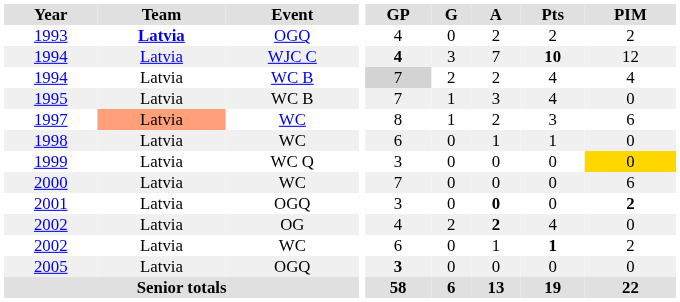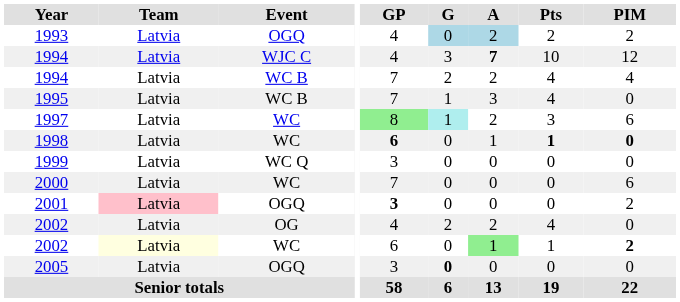 <table border="0" cellpadding="1" cellspacing="0" ID="Table3" style="text-align:center; width:40em">
 <tr ALIGN="center" bgcolor="#e0e0e0">
 <th>Year</th>
 <th>Team</th>
 <th>Event</th>
 <th rowspan="99" bgcolor="#ffffff"></th>
 <th>GP</th>
 <th>G</th>
 <th>A</th>
 <th>Pts</th>
 <th>PIM</th>
 </tr>
 <tr>
 <td><a href='#'>1993</a></td>
-<td><strong><a href='#'>Latvia</a></strong></td>
+<td><a href='#'>Latvia</a></td>
 <td><a href='#'>OGQ</a></td>
 <td>4</td>
-<td>0</td>
-<td>2</td>
+<td style="background: lightblue;">0</td>
+<td style="background: lightblue;">2</td>
 <td>2</td>
 <td>2</td>
 </tr>
 <tr bgcolor="#f0f0f0">
 <td><a href='#'>1994</a></td>
 <td><a href='#'>Latvia</a></td>
 <td><a href='#'>WJC C</a></td>
-<td><strong>4</strong></td>
+<td>4</td>
 <td>3</td>
-<td>7</td>
-<td><strong>10</strong></td>
+<td><strong>7</strong></td>
+<td>10</td>
 <td>12</td>
 </tr>
 <tr>
 <td><a href='#'>1994</a></td>
 <td>Latvia</td>
 <td><a href='#'>WC B</a></td>
-<td style="background: lightgrey;">7</td>
+<td>7</td>
 <td>2</td>
 <td>2</td>
 <td>4</td>
 <td>4</td>
 </tr>
 <tr bgcolor="#f0f0f0">
 <td><a href='#'>1995</a></td>
 <td>Latvia</td>
 <td>WC B</td>
 <td>7</td>
 <td>1</td>
 <td>3</td>
 <td>4</td>
 <td>0</td>
 </tr>
 <tr>
 <td><a href='#'>1997</a></td>
-<td style="background: lightsalmon;">Latvia</td>
+<td>Latvia</td>
 <td><a href='#'>WC</a></td>
-<td>8</td>
-<td>1</td>
+<td style="background: lightgreen;">8</td>
+<td style="background: paleturquoise;">1</td>
 <td>2</td>
 <td>3</td>
 <td>6</td>
 </tr>
 <tr bgcolor="#f0f0f0">
 <td><a href='#'>1998</a></td>
 <td>Latvia</td>
 <td>WC</td>
-<td>6</td>
+<td><strong>6</strong></td>
 <td>0</td>
 <td>1</td>
-<td>1</td>
-<td>0</td>
+<td><strong>1</strong></td>
+<td><strong>0</strong></td>
 </tr>
 <tr>
 <td><a href='#'>1999</a></td>
 <td>Latvia</td>
 <td>WC Q</td>
 <td>3</td>
 <td>0</td>
 <td>0</td>
 <td>0</td>
-<td style="background: gold;">0</td>
+<td>0</td>
 </tr>
 <tr bgcolor="#f0f0f0">
 <td><a href='#'>2000</a></td>
 <td>Latvia</td>
 <td>WC</td>
 <td>7</td>
 <td>0</td>
 <td>0</td>
 <td>0</td>
 <td>6</td>
 </tr>
 <tr>
 <td><a href='#'>2001</a></td>
-<td>Latvia</td>
+<td style="background: pink;">Latvia</td>
 <td>OGQ</td>
-<td>3</td>
+<td><strong>3</strong></td>
 <td>0</td>
-<td><strong>0</strong></td>
 <td>0</td>
-<td><strong>2</strong></td>
+<td>0</td>
+<td>2</td>
 </tr>
 <tr bgcolor="#f0f0f0">
 <td><a href='#'>2002</a></td>
 <td>Latvia</td>
 <td>OG</td>
 <td>4</td>
 <td>2</td>
-<td><strong>2</strong></td>
+<td>2</td>
 <td>4</td>
 <td>0</td>
 </tr>
 <tr>
 <td><a href='#'>2002</a></td>
-<td>Latvia</td>
+<td style="background: lightyellow;">Latvia</td>
 <td>WC</td>
 <td>6</td>
 <td>0</td>
+<td style="background: lightgreen;">1</td>
 <td>1</td>
-<td><strong>1</strong></td>
-<td>2</td>
+<td><strong>2</strong></td>
 </tr>
 <tr bgcolor="#f0f0f0">
 <td><a href='#'>2005</a></td>
 <td>Latvia</td>
 <td>OGQ</td>
-<td><strong>3</strong></td>
-<td>0</td>
+<td>3</td>
+<td><strong>0</strong></td>
 <td>0</td>
 <td>0</td>
 <td>0</td>
 </tr>
 <tr bgcolor="#e0e0e0">
 <th colspan="3">Senior totals</th>
 <th>58</th>
 <th>6</th>
 <th>13</th>
 <th>19</th>
 <th>22</th>
 </tr>
 </table>
